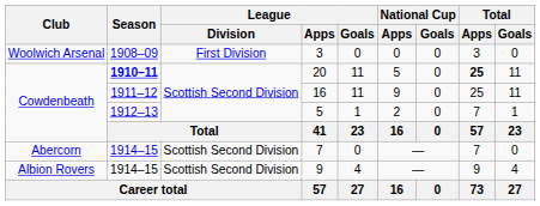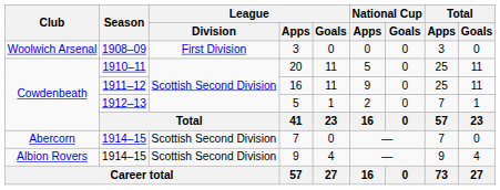 <table class="wikitable" style="text-align: center;">
 <tr>
 <th rowspan="2">Club</th>
 <th rowspan="2">Season</th>
 <th colspan="3">League</th>
 <th colspan="2">National Cup</th>
 <th colspan="2">Total</th>
 </tr>
 <tr>
 <th>Division</th>
 <th>Apps</th>
 <th>Goals</th>
 <th>Apps</th>
 <th>Goals</th>
 <th>Apps</th>
 <th>Goals</th>
 </tr>
 <tr>
 <td><a href='#'>Woolwich Arsenal</a></td>
 <td><a href='#'>1908–09</a></td>
 <td><a href='#'>First Division</a></td>
 <td>3</td>
 <td>0</td>
 <td>0</td>
 <td>0</td>
 <td>3</td>
 <td>0</td>
 </tr>
 <tr>
 <td rowspan="4"><a href='#'>Cowdenbeath</a></td>
-<td><strong><a href='#'>1910–11</a></strong></td>
+<td><a href='#'>1910–11</a></td>
 <td rowspan="3"><a href='#'>Scottish Second Division</a></td>
 <td>20</td>
 <td>11</td>
 <td>5</td>
 <td>0</td>
-<td><strong>25</strong></td>
+<td>25</td>
 <td>11</td>
 </tr>
 <tr>
 <td><a href='#'>1911–12</a></td>
 <td>16</td>
 <td>11</td>
 <td>9</td>
 <td>0</td>
 <td>25</td>
 <td>11</td>
 </tr>
 <tr>
 <td><a href='#'>1912–13</a></td>
 <td>5</td>
 <td>1</td>
 <td>2</td>
 <td>0</td>
 <td>7</td>
 <td>1</td>
 </tr>
 <tr>
 <th colspan="2">Total</th>
 <th>41</th>
 <th>23</th>
 <th>16</th>
 <th>0</th>
 <th>57</th>
 <th>23</th>
 </tr>
 <tr>
 <td><a href='#'>Abercorn</a></td>
 <td><a href='#'>1914–15</a></td>
 <td>Scottish Second Division</td>
 <td>7</td>
 <td>0</td>
 <td colspan="2">—</td>
 <td>7</td>
 <td>0</td>
 </tr>
 <tr>
 <td><a href='#'>Albion Rovers</a></td>
 <td>1914–15</td>
 <td>Scottish Second Division</td>
 <td>9</td>
 <td>4</td>
 <td colspan="2">—</td>
 <td>9</td>
 <td>4</td>
 </tr>
 <tr>
 <th colspan="3">Career total</th>
 <th>57</th>
 <th>27</th>
 <th>16</th>
 <th>0</th>
 <th>73</th>
 <th>27</th>
 </tr>
 </table>
